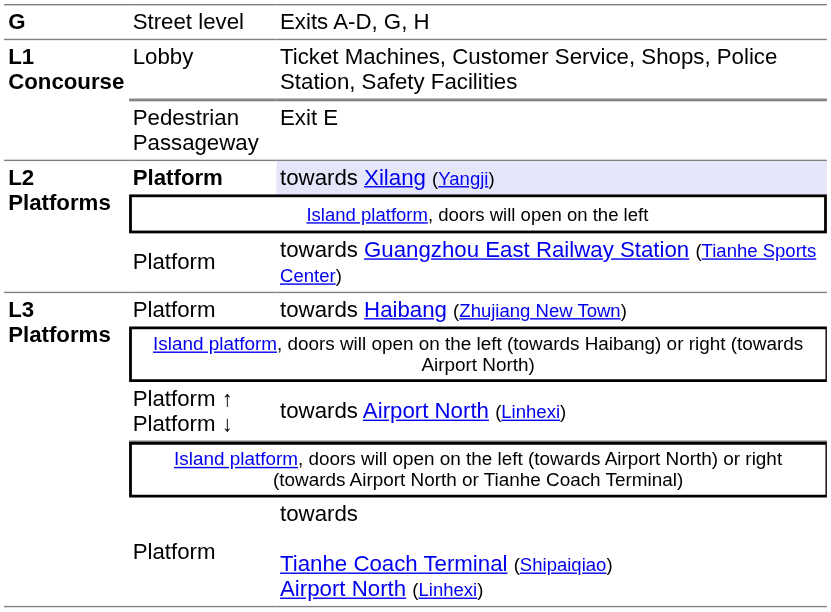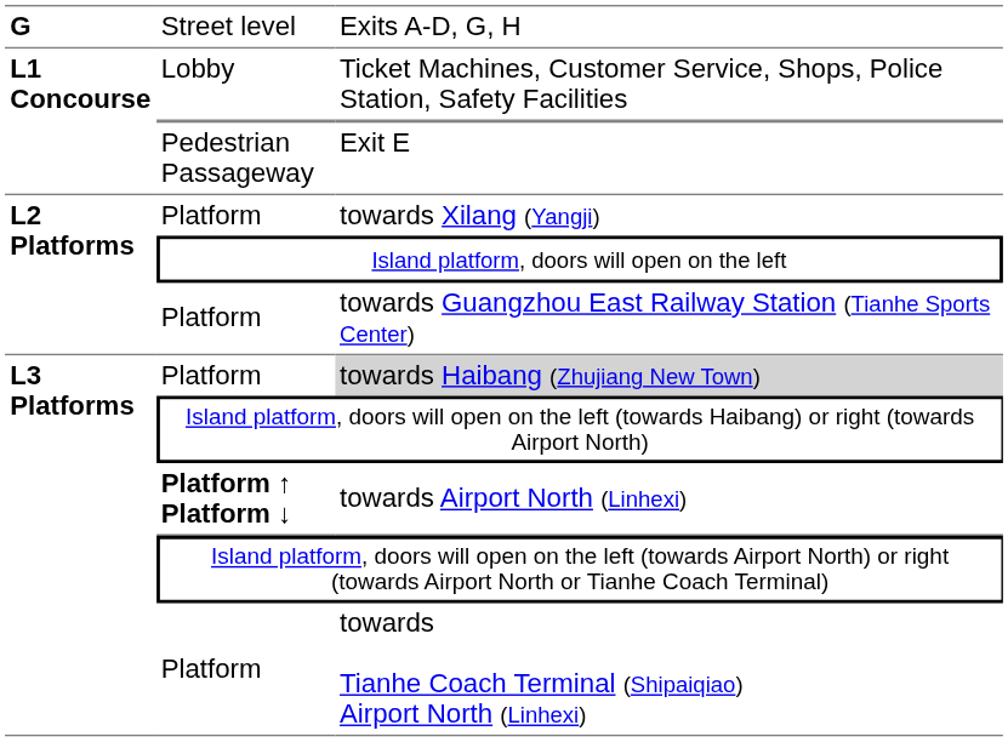 <table table border=0 cellspacing=0 cellpadding=3>
 <tr>
 <td style="border-top:solid 1px gray;" width=50 valign=top><strong>G</strong></td>
 <td style="border-top:solid 1px gray;" width=100 valign=top>Street level</td>
 <td style="border-top:solid 1px gray;" width=390 valign=top>Exits A-D, G, H</td>
 </tr>
 <tr>
 <td style="border-bottom:solid 1px gray; border-top:solid 1px gray;" valign=top rowspan=2><strong>L1<br>Concourse</strong></td>
 <td style="border-bottom:solid 1px gray; border-top:solid 1px gray;" valign=top>Lobby</td>
 <td style="border-bottom:solid 1px gray; border-top:solid 1px gray;" valign=top>Ticket Machines, Customer Service, Shops, Police Station, Safety Facilities</td>
 </tr>
 <tr>
 <td style="border-bottom:solid 1px gray; border-top:solid 1px gray;" valign=top>Pedestrian Passageway</td>
 <td style="border-bottom:solid 1px gray; border-top:solid 1px gray;" valign=top>Exit E</td>
 </tr>
 <tr>
 <td style="border-bottom:solid 1px gray;" rowspan=3 valign=top><strong>L2<br>Platforms</strong></td>
-<td><strong>Platform </strong></td>
-<td style="background: lavender;">  towards <a href='#'>Xilang</a> <small>(<a href='#'>Yangji</a>)</small></td>
+<td>Platform </td>
+<td>  towards <a href='#'>Xilang</a> <small>(<a href='#'>Yangji</a>)</small></td>
 </tr>
 <tr>
 <td style="border-right:solid 2px black;border-left:solid 2px black;border-top:solid 2px black;border-bottom:solid 2px black;text-align:center;" colspan=2><small><a href='#'>Island platform</a>, doors will open on the left</small></td>
 </tr>
 <tr>
 <td style="border-bottom:solid 1px gray;">Platform </td>
 <td style="border-bottom:solid 1px gray;"><span></span>  towards <a href='#'>Guangzhou East Railway Station</a> <small>(<a href='#'>Tianhe Sports Center</a>)</small> </td>
 </tr>
 <tr>
 <td style="border-bottom:solid 1px gray;" rowspan=7 valign=top><strong>L3<br>Platforms</strong></td>
 </tr>
 <tr>
 <td>Platform </td>
-<td>  towards <a href='#'>Haibang</a> <small>(<a href='#'>Zhujiang New Town</a>)</small></td>
+<td style="background: lightgrey;">  towards <a href='#'>Haibang</a> <small>(<a href='#'>Zhujiang New Town</a>)</small></td>
 </tr>
 <tr>
 <td style="border-right:solid 1px black;border-left:solid 2px black;border-top:solid 2px black;border-bottom:solid 2px black;font-size:85%;text-align:center;" colspan=2><a href='#'>Island platform</a>, doors will open on the left (towards Haibang) or right (towards Airport North)</td>
 </tr>
 <tr>
-<td style="border-bottom:solid 1px gray;">Platform  ↑<br>Platform  ↓</td>
+<td style="border-bottom:solid 1px gray;"><strong>Platform  ↑<br>Platform  ↓</strong></td>
 <td style="border-bottom:solid 1px gray;"><span></span>  towards <a href='#'>Airport North</a> <small>(<a href='#'>Linhexi</a>)</small> </td>
 </tr>
 <tr>
 <td style="border-right:solid 1px black;border-left:solid 2px black;border-top:solid 2px black;border-bottom:solid 2px black;font-size:85%;text-align:center;" colspan=2><a href='#'>Island platform</a>, doors will open on the left	(towards Airport North) or right (towards Airport North or Tianhe Coach Terminal)</td>
 </tr>
 <tr>
 <td style="border-bottom:solid 1px gray;">Platform </td>
 <td style="border-bottom:solid 1px gray;"><span></span>  towards <div><br><a href='#'>Tianhe Coach Terminal</a> <small>(<a href='#'>Shipaiqiao</a>)</small><br> <a href='#'>Airport North</a> <small>(<a href='#'>Linhexi</a>)</small></div></td>
 </tr>
 <tr>
 </tr>
 </table>
